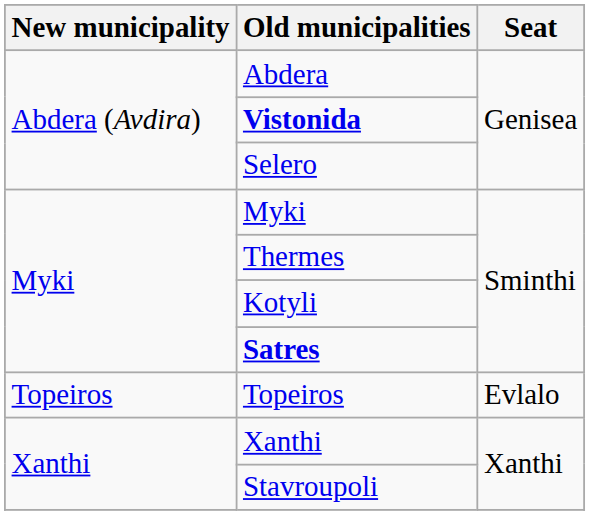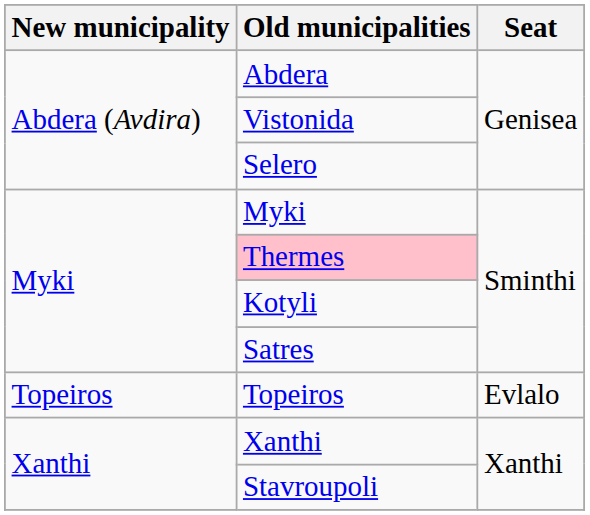 <table class="wikitable">
 <tr>
 <th>New municipality</th>
 <th>Old municipalities</th>
 <th>Seat</th>
 </tr>
 <tr>
 <td rowspan=3><a href='#'>Abdera</a> (<em>Avdira</em>)</td>
 <td><a href='#'>Abdera</a></td>
 <td rowspan=3>Genisea</td>
 </tr>
 <tr>
-<td><strong><a href='#'>Vistonida</a></strong></td>
+<td><a href='#'>Vistonida</a></td>
 </tr>
 <tr>
 <td><a href='#'>Selero</a></td>
 </tr>
 <tr>
 <td rowspan=4><a href='#'>Myki</a></td>
 <td><a href='#'>Myki</a></td>
 <td rowspan=4>Sminthi</td>
 </tr>
 <tr>
-<td><a href='#'>Thermes</a></td>
+<td style="background: pink;"><a href='#'>Thermes</a></td>
 </tr>
 <tr>
 <td><a href='#'>Kotyli</a></td>
 </tr>
 <tr>
-<td><strong><a href='#'>Satres</a></strong></td>
+<td><a href='#'>Satres</a></td>
 </tr>
 <tr>
 <td><a href='#'>Topeiros</a></td>
 <td><a href='#'>Topeiros</a></td>
 <td>Evlalo</td>
 </tr>
 <tr>
 <td rowspan=2><a href='#'>Xanthi</a></td>
 <td><a href='#'>Xanthi</a></td>
 <td rowspan=2>Xanthi</td>
 </tr>
 <tr>
 <td><a href='#'>Stavroupoli</a></td>
 </tr>
 </table>
